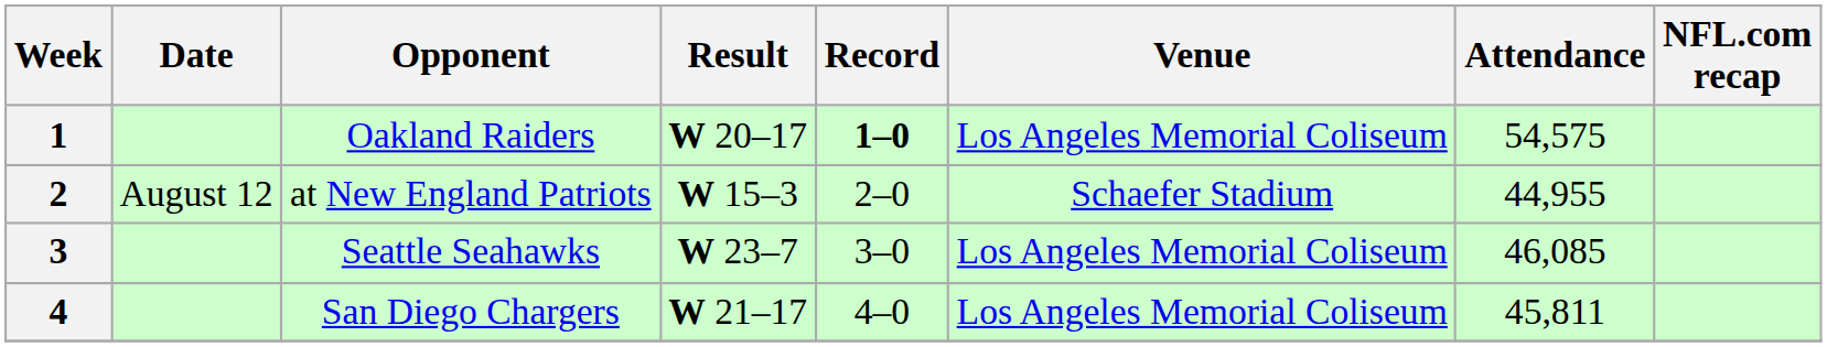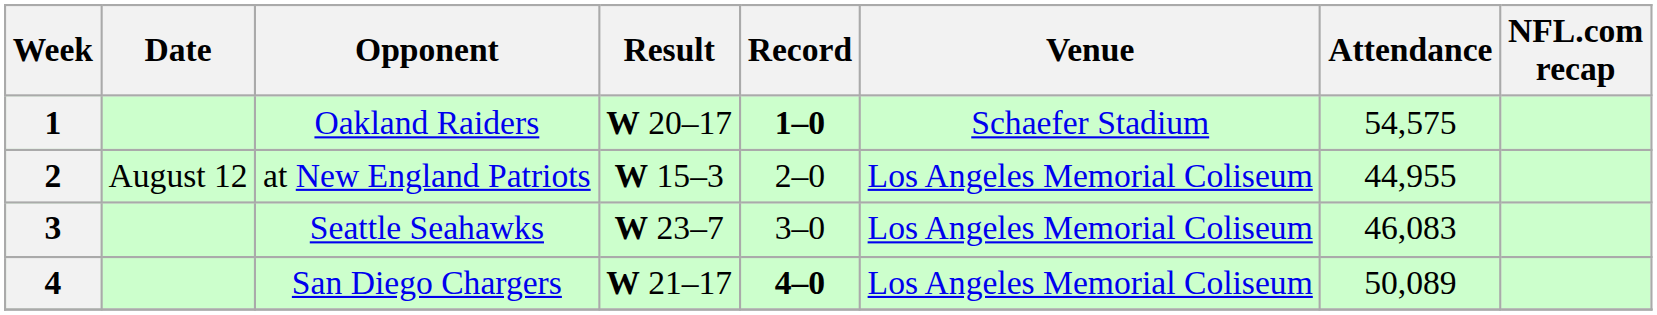 <table class="wikitable" style="text-align:center">
 <tr>
 <th>Week</th>
 <th>Date</th>
 <th>Opponent</th>
 <th>Result</th>
 <th>Record</th>
 <th>Venue</th>
 <th>Attendance</th>
 <th>NFL.com<br>recap</th>
 </tr>
 <tr style="background:#cfc">
 <th>1</th>
 <td></td>
 <td><a href='#'>Oakland Raiders</a></td>
 <td><strong>W</strong> 20–17 </td>
 <td><strong>1–0</strong></td>
-<td><a href='#'>Los Angeles Memorial Coliseum</a></td>
+<td><a href='#'>Schaefer Stadium</a></td>
 <td>54,575</td>
 <td></td>
 </tr>
 <tr style="background:#cfc">
 <th>2</th>
 <td>August 12</td>
 <td>at <a href='#'>New England Patriots</a></td>
 <td><strong>W</strong> 15–3</td>
 <td>2–0</td>
-<td><a href='#'>Schaefer Stadium</a></td>
+<td><a href='#'>Los Angeles Memorial Coliseum</a></td>
 <td>44,955</td>
 <td></td>
 </tr>
 <tr style="background:#cfc">
 <th>3</th>
 <td></td>
 <td><a href='#'>Seattle Seahawks</a></td>
 <td><strong>W</strong> 23–7</td>
 <td>3–0</td>
 <td><a href='#'>Los Angeles Memorial Coliseum</a></td>
-<td>46,085</td>
+<td>46,083</td>
 <td></td>
 </tr>
 <tr style="background:#cfc">
 <th>4</th>
 <td></td>
 <td><a href='#'>San Diego Chargers</a></td>
 <td><strong>W</strong> 21–17</td>
-<td>4–0</td>
+<td><strong>4–0</strong></td>
 <td><a href='#'>Los Angeles Memorial Coliseum</a></td>
-<td>45,811</td>
+<td>50,089</td>
 <td></td>
 </tr>
 <tr>
 </tr>
 </table>
